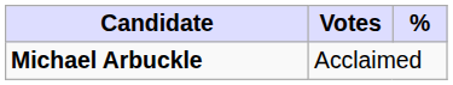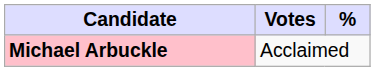 <table class="wikitable">
 <tr>
 <th style="background:#ddf; width:200px;">Candidate</th>
 <th style="background:#ddf; width:50px;">Votes</th>
 <th style="background:#ddf; width:30px;">%</th>
 </tr>
 <tr>
-<td><strong>Michael Arbuckle</strong></td>
+<td style="background: pink;"><strong>Michael Arbuckle</strong></td>
 <td colspan="2">Acclaimed</td>
 </tr>
 </table>
